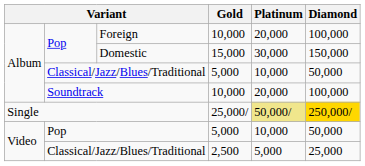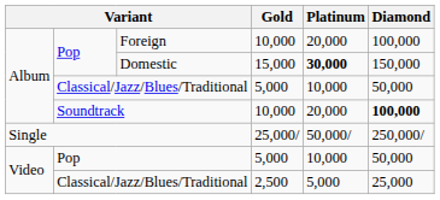 <table class="wikitable">
 <tr>
 <th colspan=3>Variant</th>
 <th>Gold</th>
 <th>Platinum</th>
 <th>Diamond</th>
 </tr>
 <tr>
 <td rowspan=4>Album</td>
 <td rowspan=2><a href='#'>Pop</a></td>
 <td>Foreign</td>
 <td>10,000</td>
 <td>20,000</td>
 <td>100,000</td>
 </tr>
 <tr>
 <td>Domestic</td>
 <td>15,000</td>
-<td>30,000</td>
+<td><strong>30,000</strong></td>
 <td>150,000</td>
 </tr>
 <tr>
 <td colspan=2><a href='#'>Classical</a>/<a href='#'>Jazz</a>/<a href='#'>Blues</a>/Traditional</td>
 <td>5,000</td>
 <td>10,000</td>
 <td>50,000</td>
 </tr>
 <tr>
 <td colspan=2><a href='#'>Soundtrack</a></td>
 <td>10,000</td>
 <td>20,000</td>
-<td>100,000</td>
+<td><strong>100,000</strong></td>
 </tr>
 <tr>
 <td colspan=3>Single</td>
 <td>25,000/</td>
-<td style="background: khaki;">50,000/</td>
-<td style="background: gold;">250,000/</td>
+<td>50,000/</td>
+<td>250,000/</td>
 </tr>
 <tr>
 <td rowspan=2>Video</td>
 <td colspan=2>Pop</td>
 <td>5,000</td>
 <td>10,000</td>
 <td>50,000</td>
 </tr>
 <tr>
 <td colspan=2>Classical/Jazz/Blues/Traditional</td>
 <td>2,500</td>
 <td>5,000</td>
 <td>25,000</td>
 </tr>
 </table>
